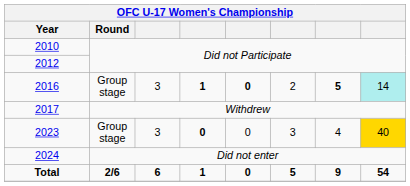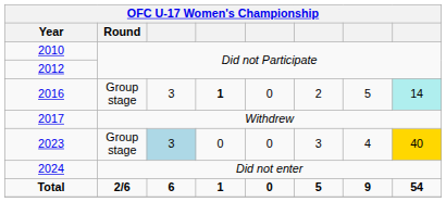 <table class="wikitable" style="text-align: center;">
 <tr>
 <th colspan=10><a href='#'>OFC U-17 Women's Championship</a></th>
 </tr>
 <tr>
 <th width=120>Year</th>
 <th width=60>Round</th>
 <th width=60></th>
 <th width=60></th>
 <th width=60></th>
 <th width=60></th>
 <th width=60></th>
 <th width=60></th>
 </tr>
 <tr>
 <td> <a href='#'>2010</a></td>
 <td colspan=8 rowspan=2><em>Did not Participate</em></td>
 </tr>
 <tr>
 <td> <a href='#'>2012</a></td>
 </tr>
 <tr>
 <td> <a href='#'>2016</a></td>
 <td>Group stage</td>
 <td>3</td>
 <td><strong>1</strong></td>
-<td><strong>0</strong></td>
+<td>0</td>
 <td>2</td>
-<td><strong>5</strong></td>
+<td>5</td>
 <td style="background: paleturquoise;">14</td>
 </tr>
 <tr>
 <td> <a href='#'>2017</a></td>
 <td colspan=8><em>Withdrew</em></td>
 </tr>
 <tr>
 <td> <a href='#'>2023</a></td>
 <td>Group stage</td>
-<td>3</td>
-<td><strong>0</strong></td>
+<td style="background: lightblue;">3</td>
+<td>0</td>
 <td>0</td>
 <td>3</td>
 <td>4</td>
 <td style="background: gold;">40</td>
 </tr>
 <tr>
 <td> <a href='#'>2024</a></td>
 <td colspan=8><em>Did not enter</em></td>
 </tr>
 <tr>
 <td><strong>Total</strong></td>
 <td><strong>2/6</strong></td>
 <td><strong>6</strong></td>
 <td><strong>1</strong></td>
 <td><strong>0</strong></td>
 <td><strong>5</strong></td>
 <td><strong>9</strong></td>
 <td><strong>54</strong></td>
 </tr>
 <tr>
 </tr>
 </table>
